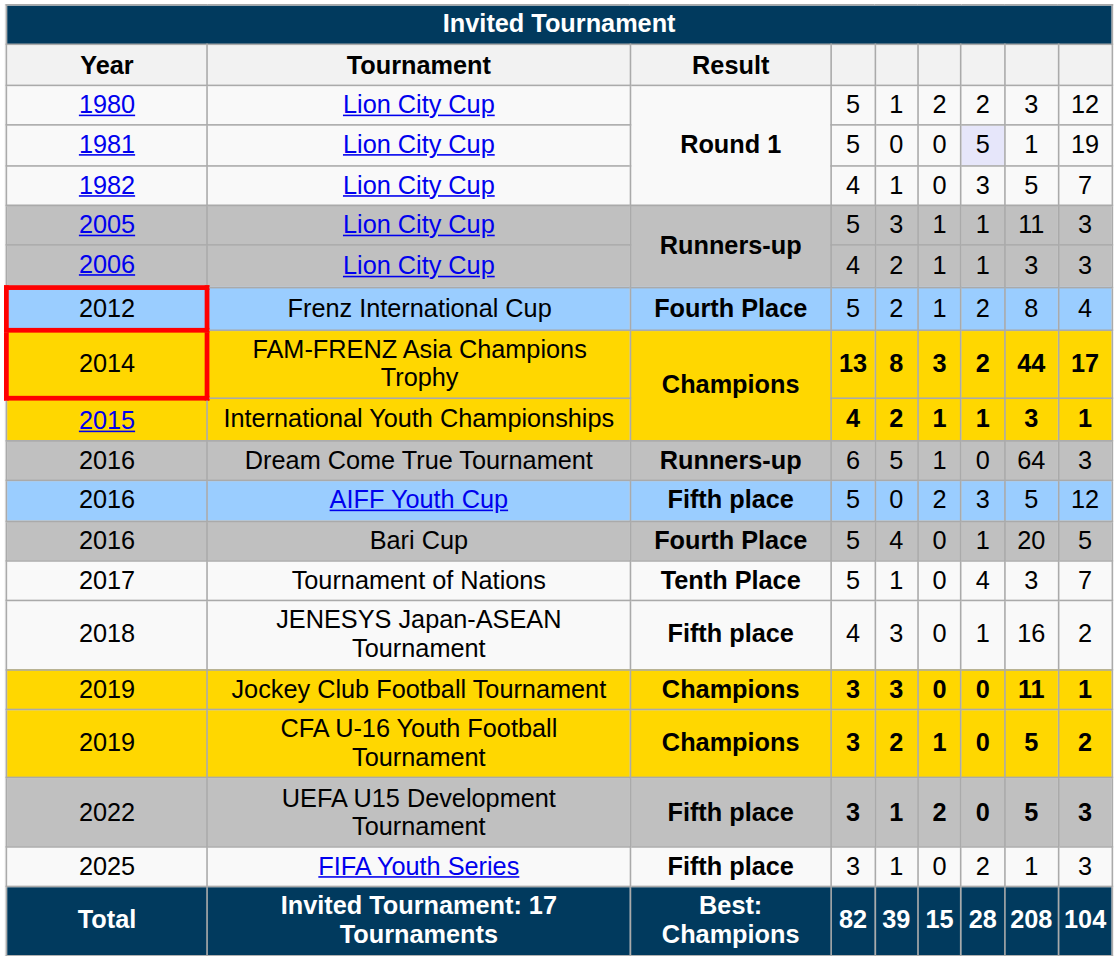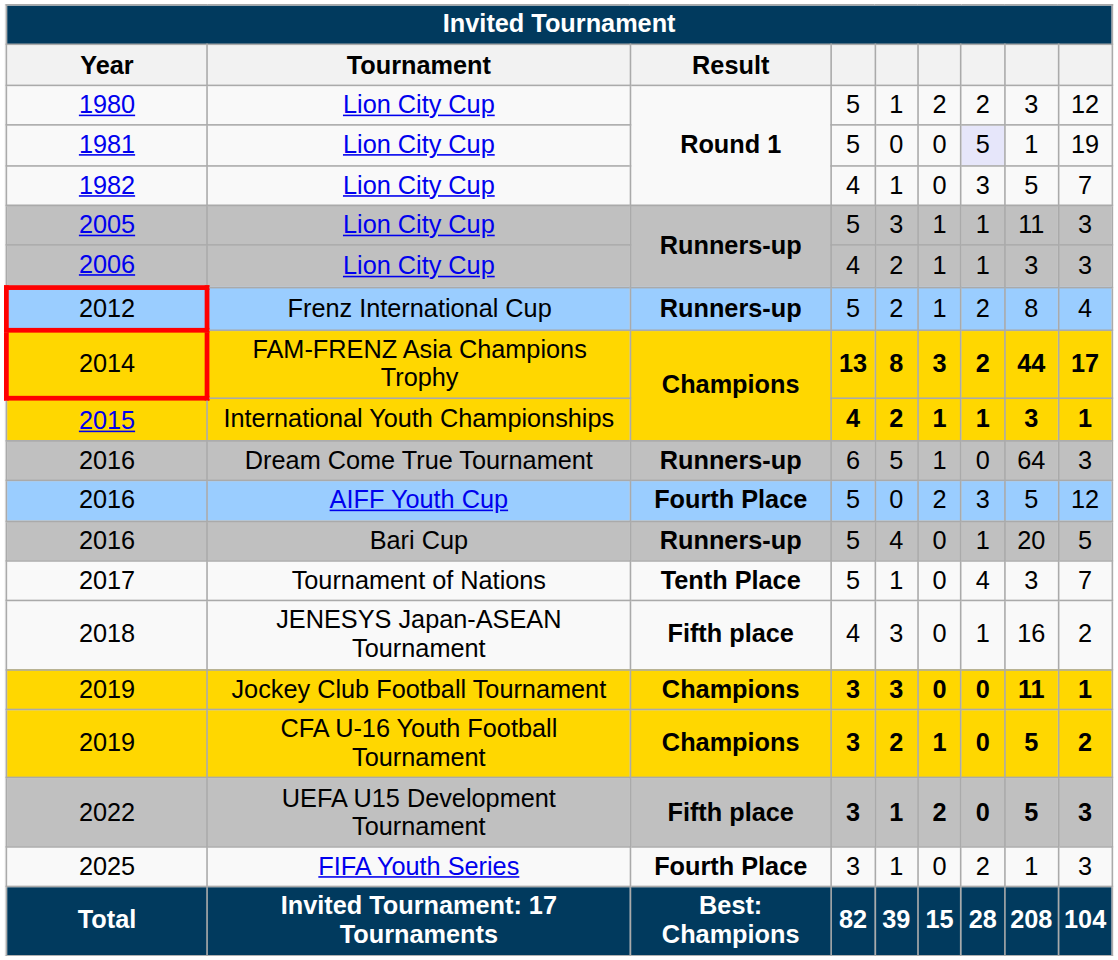 <table class="wikitable" style="text-align: center;">
 <tr>
 <th colspan=9 style="background: #013A5E; color: #FFFFFF;">Invited Tournament</th>
 </tr>
 <tr>
 <th width=120>Year</th>
 <th width="260">Tournament</th>
 <th width=120>Result</th>
 <th width=20></th>
 <th width=20></th>
 <th width=20></th>
 <th width=20></th>
 <th width=20></th>
 <th width=20></th>
 </tr>
 <tr>
 <td> <a href='#'>1980</a></td>
 <td><a href='#'>Lion City Cup</a></td>
 <td rowspan=3><strong>Round 1</strong></td>
 <td>5</td>
 <td>1</td>
 <td>2</td>
 <td>2</td>
 <td>3</td>
 <td>12</td>
 </tr>
 <tr>
 <td> <a href='#'>1981</a></td>
 <td><a href='#'>Lion City Cup</a></td>
 <td>5</td>
 <td>0</td>
 <td>0</td>
 <td style="background: lavender;">5</td>
 <td>1</td>
 <td>19</td>
 </tr>
 <tr>
 <td> <a href='#'>1982</a></td>
 <td><a href='#'>Lion City Cup</a></td>
 <td>4</td>
 <td>1</td>
 <td>0</td>
 <td>3</td>
 <td>5</td>
 <td>7</td>
 </tr>
 <tr bgcolor=Silver>
 <td> <a href='#'>2005</a></td>
 <td><a href='#'>Lion City Cup</a></td>
 <td rowspan=2><strong>Runners-up</strong></td>
 <td>5</td>
 <td>3</td>
 <td>1</td>
 <td>1</td>
 <td>11</td>
 <td>3</td>
 </tr>
 <tr bgcolor=Silver>
 <td> <a href='#'>2006</a></td>
 <td><a href='#'>Lion City Cup</a></td>
 <td>4</td>
 <td>2</td>
 <td>1</td>
 <td>1</td>
 <td>3</td>
 <td>3</td>
 </tr>
 <tr style="background:#9acdff;">
 <td style="border: 3px solid red"> 2012</td>
 <td>Frenz International Cup</td>
-<td><strong>Fourth Place</strong></td>
+<td><strong>Runners-up</strong></td>
 <td>5</td>
 <td>2</td>
 <td>1</td>
 <td>2</td>
 <td>8</td>
 <td>4</td>
 </tr>
 <tr style="background:gold;">
 <td style="border: 3px solid red"> 2014</td>
 <td>FAM-FRENZ Asia Champions Trophy</td>
 <td rowspan=2><strong>Champions</strong></td>
 <td><strong>13</strong></td>
 <td><strong>8</strong></td>
 <td><strong>3</strong></td>
 <td><strong>2</strong></td>
 <td><strong>44</strong></td>
 <td><strong>17</strong></td>
 </tr>
 <tr style="background:gold;">
 <td> <a href='#'>2015</a></td>
 <td>International Youth Championships</td>
 <td><strong>4</strong></td>
 <td><strong>2</strong></td>
 <td><strong>1</strong></td>
 <td><strong>1</strong></td>
 <td><strong>3</strong></td>
 <td><strong>1</strong></td>
 </tr>
 <tr bgcolor=Silver>
 <td> 2016</td>
 <td>Dream Come True Tournament</td>
 <td><strong>Runners-up</strong></td>
 <td>6</td>
 <td>5</td>
 <td>1</td>
 <td>0</td>
 <td>64</td>
 <td>3</td>
 </tr>
 <tr style="background:#9acdff;">
 <td> 2016</td>
 <td><a href='#'>AIFF Youth Cup</a></td>
-<td><strong>Fifth place</strong></td>
+<td><strong>Fourth Place</strong></td>
 <td>5</td>
 <td>0</td>
 <td>2</td>
 <td>3</td>
 <td>5</td>
 <td>12</td>
 </tr>
 <tr bgcolor=Silver>
 <td> 2016</td>
 <td>Bari Cup</td>
-<td><strong>Fourth Place</strong></td>
+<td><strong>Runners-up</strong></td>
 <td>5</td>
 <td>4</td>
 <td>0</td>
 <td>1</td>
 <td>20</td>
 <td>5</td>
 </tr>
 <tr>
 <td> 2017</td>
 <td>Tournament of Nations</td>
 <td><strong>Tenth Place</strong></td>
 <td>5</td>
 <td>1</td>
 <td>0</td>
 <td>4</td>
 <td>3</td>
 <td>7</td>
 </tr>
 <tr>
 <td> 2018</td>
 <td>JENESYS Japan-ASEAN Tournament</td>
 <td><strong>Fifth place</strong></td>
 <td>4</td>
 <td>3</td>
 <td>0</td>
 <td>1</td>
 <td>16</td>
 <td>2</td>
 </tr>
 <tr style="background:gold;">
 <td> 2019</td>
 <td>Jockey Club Football Tournament</td>
 <td><strong>Champions</strong></td>
 <td><strong>3</strong></td>
 <td><strong>3</strong></td>
 <td><strong>0</strong></td>
 <td><strong>0</strong></td>
 <td><strong>11</strong></td>
 <td><strong>1</strong></td>
 </tr>
 <tr style="background:gold;">
 <td> 2019</td>
 <td>CFA U-16 Youth Football Tournament</td>
 <td><strong>Champions</strong></td>
 <td><strong>3</strong></td>
 <td><strong>2</strong></td>
 <td><strong>1</strong></td>
 <td><strong>0</strong></td>
 <td><strong>5</strong></td>
 <td><strong>2</strong></td>
 </tr>
 <tr style="background:silver;">
 <td> 2022</td>
 <td>UEFA U15 Development Tournament</td>
 <td><strong>Fifth place</strong></td>
 <td><strong>3</strong></td>
 <td><strong>1</strong></td>
 <td><strong>2</strong></td>
 <td><strong>0</strong></td>
 <td><strong>5</strong></td>
 <td><strong>3</strong></td>
 </tr>
 <tr>
 <td> 2025</td>
 <td><a href='#'>FIFA Youth Series</a></td>
-<td><strong>Fifth place</strong></td>
+<td><strong>Fourth Place</strong></td>
 <td>3</td>
 <td>1</td>
 <td>0</td>
 <td>2</td>
 <td>1</td>
 <td>3</td>
 </tr>
 <tr>
 <td style="background: #013A5E; color: #FFFFFF;"><strong>Total</strong></td>
 <td style="background: #013A5E; color: #FFFFFF;"><strong>Invited Tournament: 17 Tournaments</strong></td>
 <td style="background: #013A5E; color: #FFFFFF;"><strong>Best: Champions</strong></td>
 <td style="background: #013A5E; color: #FFFFFF;"><strong>82</strong></td>
 <td style="background: #013A5E; color: #FFFFFF;"><strong>39</strong></td>
 <td style="background: #013A5E; color: #FFFFFF;"><strong>15</strong></td>
 <td style="background: #013A5E; color: #FFFFFF;"><strong>28</strong></td>
 <td style="background: #013A5E; color: #FFFFFF;"><strong>208</strong></td>
 <td style="background: #013A5E; color: #FFFFFF;"><strong>104</strong></td>
 </tr>
 </table>
